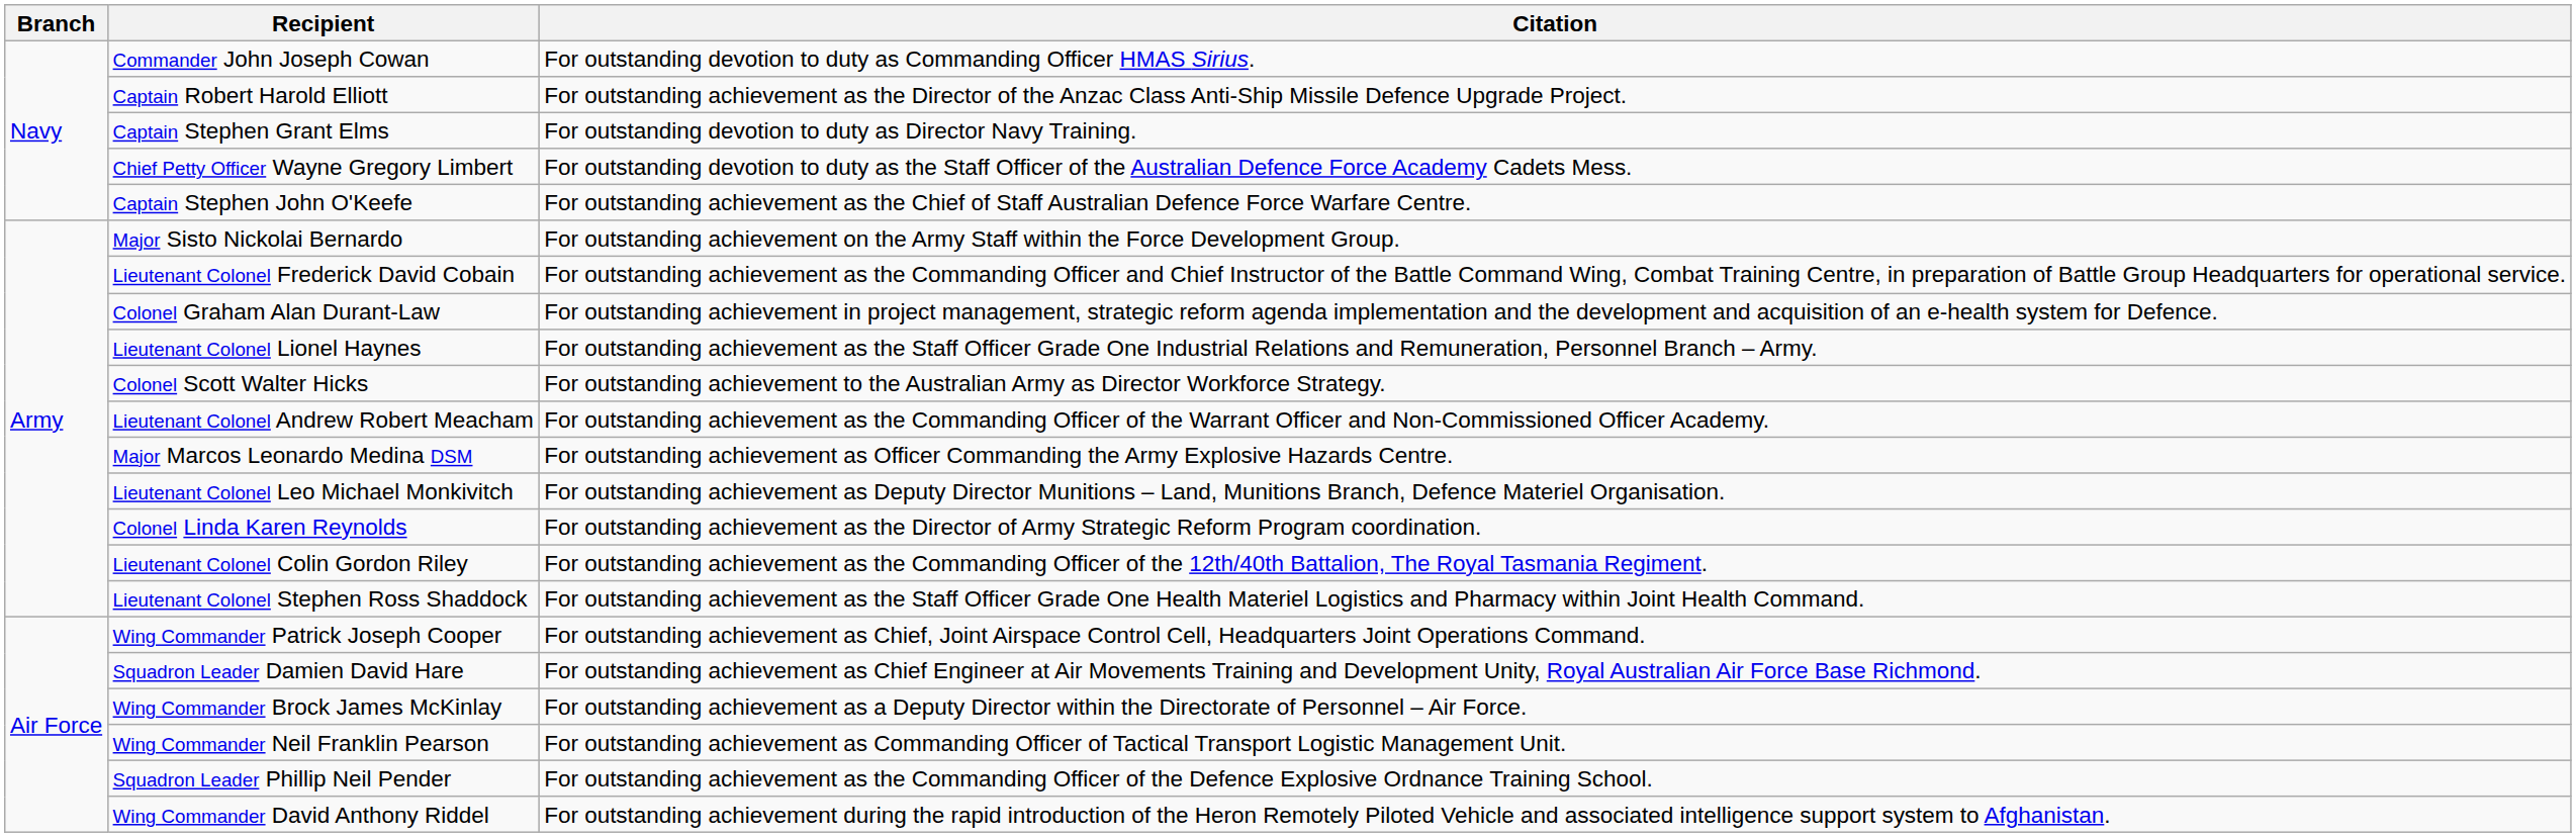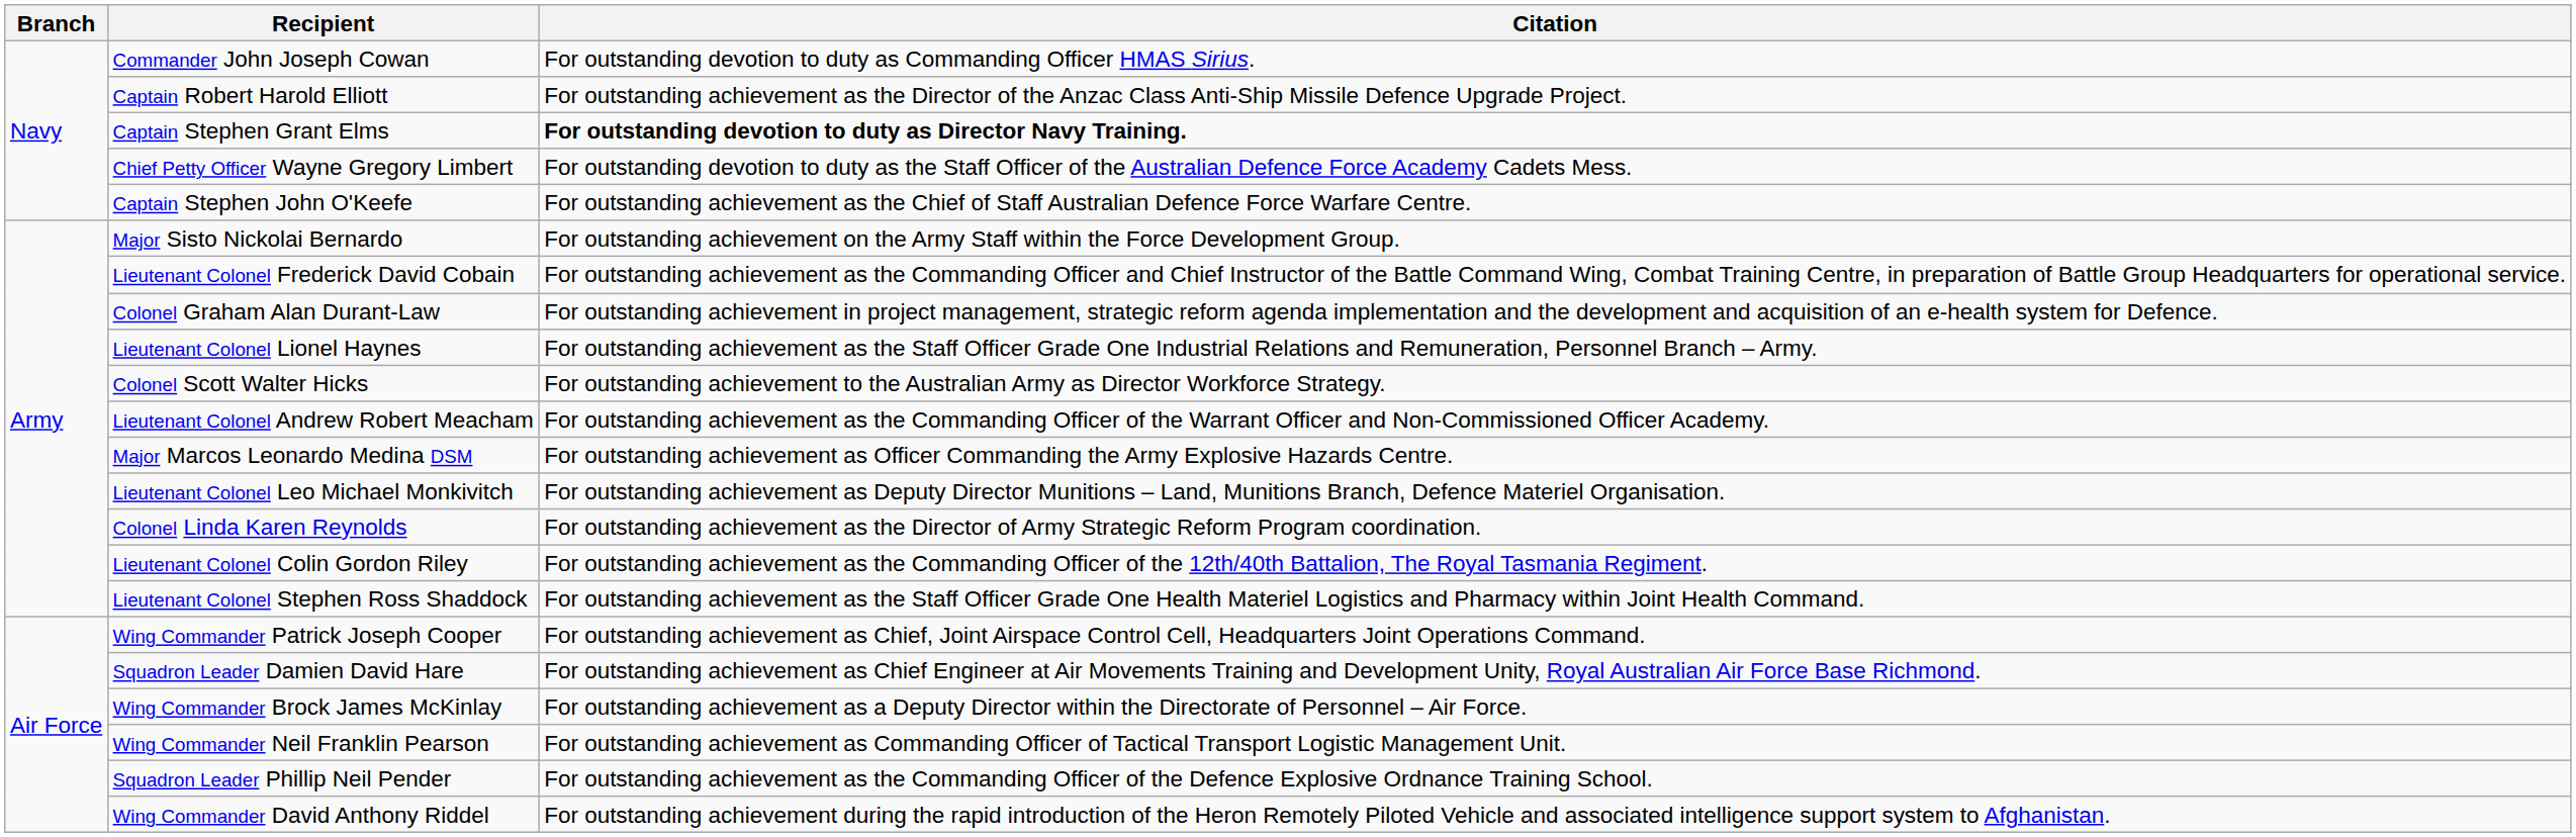 <table class="wikitable" style="font-size:95%;">
 <tr>
 <th>Branch</th>
 <th>Recipient</th>
 <th>Citation</th>
 </tr>
 <tr>
 <td rowspan="5"><a href='#'>Navy</a></td>
 <td><small><a href='#'>Commander</a></small> John Joseph Cowan</td>
 <td>For outstanding devotion to duty as Commanding Officer <a href='#'>HMAS <em>Sirius</em></a>.</td>
 </tr>
 <tr>
 <td><small><a href='#'>Captain</a></small> Robert Harold Elliott</td>
 <td>For outstanding achievement as the Director of the Anzac Class Anti-Ship Missile Defence Upgrade Project.</td>
 </tr>
 <tr>
 <td><small><a href='#'>Captain</a></small> Stephen Grant Elms</td>
-<td>For outstanding devotion to duty as Director Navy Training.</td>
+<td><strong>For outstanding devotion to duty as Director Navy Training.</strong></td>
 </tr>
 <tr>
 <td><small><a href='#'>Chief Petty Officer</a></small> Wayne Gregory Limbert</td>
 <td>For outstanding devotion to duty as the Staff Officer of the <a href='#'>Australian Defence Force Academy</a> Cadets Mess.</td>
 </tr>
 <tr>
 <td><small><a href='#'>Captain</a></small> Stephen John O'Keefe</td>
 <td>For outstanding achievement as the Chief of Staff Australian Defence Force Warfare Centre.</td>
 </tr>
 <tr>
 <td rowspan="11"><a href='#'>Army</a></td>
 <td><small><a href='#'>Major</a></small> Sisto Nickolai Bernardo</td>
 <td>For outstanding achievement on the Army Staff within the Force Development Group.</td>
 </tr>
 <tr>
 <td><small><a href='#'>Lieutenant Colonel</a></small> Frederick David Cobain</td>
 <td>For outstanding achievement as the Commanding Officer and Chief Instructor of the Battle Command Wing, Combat Training Centre, in preparation of Battle Group Headquarters for operational service.</td>
 </tr>
 <tr>
 <td><small><a href='#'>Colonel</a></small> Graham Alan Durant-Law</td>
 <td>For outstanding achievement in project management, strategic reform agenda implementation and the development and acquisition of an e-health system for Defence.</td>
 </tr>
 <tr>
 <td><small><a href='#'>Lieutenant Colonel</a></small> Lionel Haynes</td>
 <td>For outstanding achievement as the Staff Officer Grade One Industrial Relations and Remuneration, Personnel Branch – Army.</td>
 </tr>
 <tr>
 <td><small><a href='#'>Colonel</a></small> Scott Walter Hicks</td>
 <td>For outstanding achievement to the Australian Army as Director Workforce Strategy.</td>
 </tr>
 <tr>
 <td><small><a href='#'>Lieutenant Colonel</a></small> Andrew Robert Meacham</td>
 <td>For outstanding achievement as the Commanding Officer of the Warrant Officer and Non-Commissioned Officer Academy.</td>
 </tr>
 <tr>
 <td><small><a href='#'>Major</a></small> Marcos Leonardo Medina <small><a href='#'>DSM</a></small></td>
 <td>For outstanding achievement as Officer Commanding the Army Explosive Hazards Centre.</td>
 </tr>
 <tr>
 <td><small><a href='#'>Lieutenant Colonel</a></small> Leo Michael Monkivitch</td>
 <td>For outstanding achievement as Deputy Director Munitions – Land, Munitions Branch, Defence Materiel Organisation.</td>
 </tr>
 <tr>
 <td><small><a href='#'>Colonel</a></small> <a href='#'>Linda Karen Reynolds</a></td>
 <td>For outstanding achievement as the Director of Army Strategic Reform Program coordination.</td>
 </tr>
 <tr>
 <td><small><a href='#'>Lieutenant Colonel</a></small> Colin Gordon Riley</td>
 <td>For outstanding achievement as the Commanding Officer of the <a href='#'>12th/40th Battalion, The Royal Tasmania Regiment</a>.</td>
 </tr>
 <tr>
 <td><small><a href='#'>Lieutenant Colonel</a></small> Stephen Ross Shaddock</td>
 <td>For outstanding achievement as the Staff Officer Grade One Health Materiel Logistics and Pharmacy within Joint Health Command.</td>
 </tr>
 <tr>
 <td rowspan="6"><a href='#'>Air Force</a></td>
 <td><small><a href='#'>Wing Commander</a></small> Patrick Joseph Cooper</td>
 <td>For outstanding achievement as Chief, Joint Airspace Control Cell, Headquarters Joint Operations Command.</td>
 </tr>
 <tr>
 <td><small><a href='#'>Squadron Leader</a></small> Damien David Hare</td>
 <td>For outstanding achievement as Chief Engineer at Air Movements Training and Development Unity, <a href='#'>Royal Australian Air Force Base Richmond</a>.</td>
 </tr>
 <tr>
 <td><small><a href='#'>Wing Commander</a></small> Brock James McKinlay</td>
 <td>For outstanding achievement as a Deputy Director within the Directorate of Personnel – Air Force.</td>
 </tr>
 <tr>
 <td><small><a href='#'>Wing Commander</a></small> Neil Franklin Pearson</td>
 <td>For outstanding achievement as Commanding Officer of Tactical Transport Logistic Management Unit.</td>
 </tr>
 <tr>
 <td><small><a href='#'>Squadron Leader</a></small> Phillip Neil Pender</td>
 <td>For outstanding achievement as the Commanding Officer of the Defence Explosive Ordnance Training School.</td>
 </tr>
 <tr>
 <td><small><a href='#'>Wing Commander</a></small> David Anthony Riddel</td>
 <td>For outstanding achievement during the rapid introduction of the Heron Remotely Piloted Vehicle and associated intelligence support system to <a href='#'>Afghanistan</a>.</td>
 </tr>
 </table>
